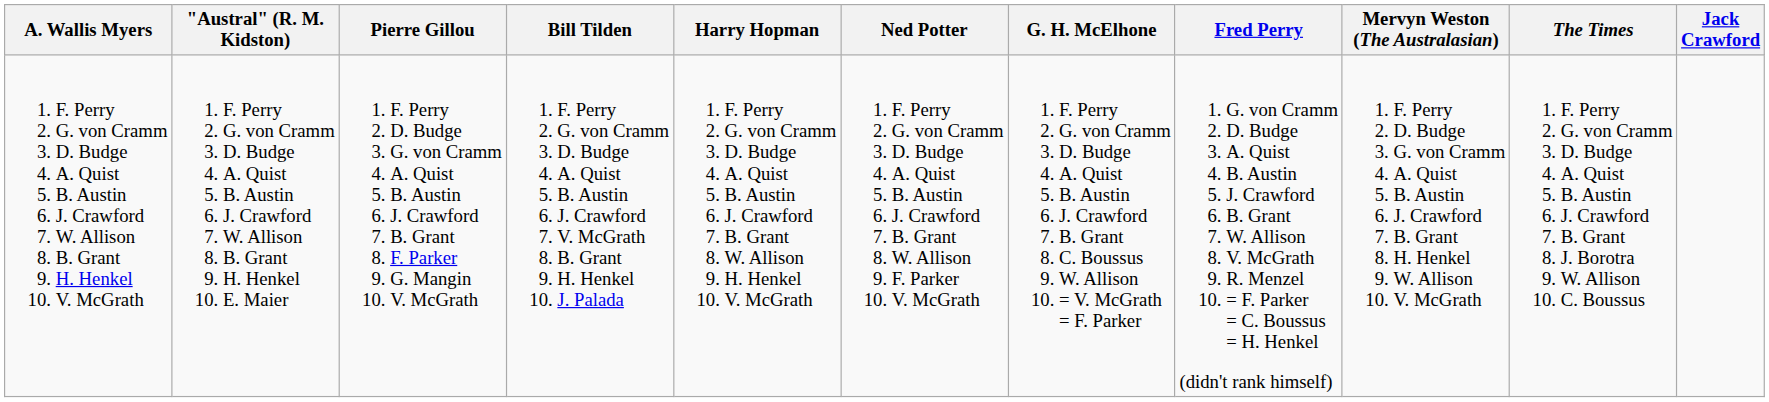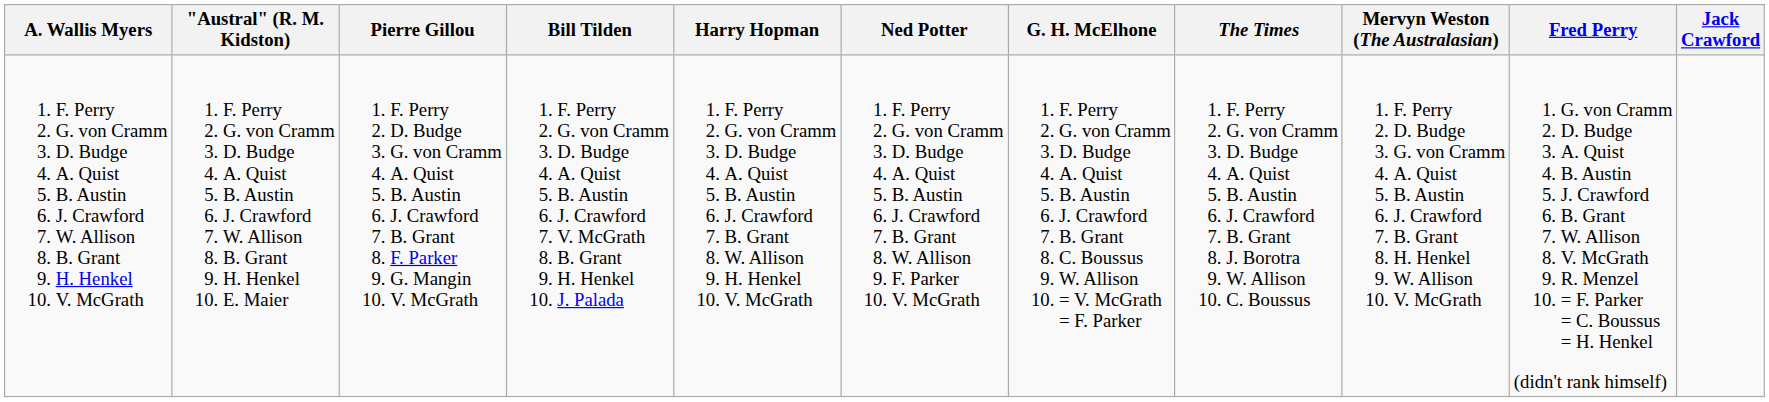 <table class="wikitable">
 <tr>
 <th>A. Wallis Myers</th>
 <th>"Austral" (R. M. Kidston)</th>
 <th>Pierre Gillou</th>
 <th>Bill Tilden</th>
 <th>Harry Hopman</th>
 <th>Ned Potter</th>
 <th>G. H. McElhone</th>
+<th><em>The Times</em></th>
+<th>Mervyn Weston<br>(<em>The Australasian</em>)</th>
 <th><a href='#'>Fred Perry</a></th>
-<th>Mervyn Weston<br>(<em>The Australasian</em>)</th>
-<th><em>The Times</em></th>
 <th><a href='#'>Jack Crawford</a><em></em></th>
 </tr>
 <tr style="vertical-align: top;">
 <td style="white-space: nowrap;"><br><ol><li> F. Perry</li><li> G. von Cramm</li><li> D. Budge</li><li> A. Quist</li><li> B. Austin</li><li> J. Crawford</li><li> W. Allison</li><li> B. Grant</li><li> <a href='#'>H. Henkel</a></li><li> V. McGrath</li></ol></td>
 <td style="white-space: nowrap;"><br><ol><li> F. Perry</li><li> G. von Cramm</li><li> D. Budge</li><li> A. Quist</li><li> B. Austin</li><li> J. Crawford</li><li> W. Allison</li><li> B. Grant</li><li> H. Henkel</li><li> E. Maier</li></ol></td>
 <td style="white-space: nowrap;"><br><ol><li> F. Perry</li><li> D. Budge</li><li> G. von Cramm</li><li> A. Quist</li><li> B. Austin</li><li> J. Crawford</li><li> B. Grant</li><li> <a href='#'>F. Parker</a></li><li> G. Mangin</li><li> V. McGrath</li></ol></td>
 <td style="white-space: nowrap;"><br><ol><li> F. Perry</li><li> G. von Cramm</li><li> D. Budge</li><li> A. Quist</li><li> B. Austin</li><li> J. Crawford</li><li> V. McGrath</li><li> B. Grant</li><li> H. Henkel</li><li> <a href='#'>J. Palada</a></li></ol></td>
 <td style="white-space: nowrap;"><br><ol><li> F. Perry</li><li> G. von Cramm</li><li> D. Budge</li><li> A. Quist</li><li> B. Austin</li><li> J. Crawford</li><li> B. Grant</li><li> W. Allison</li><li> H. Henkel</li><li> V. McGrath</li></ol></td>
 <td style="white-space: nowrap;"><br><ol><li> F. Perry</li><li> G. von Cramm</li><li> D. Budge</li><li> A. Quist</li><li> B. Austin</li><li> J. Crawford</li><li> B. Grant</li><li> W. Allison</li><li> F. Parker</li><li> V. McGrath</li></ol></td>
 <td style="white-space: nowrap;"><br><ol><li> F. Perry</li><li> G. von Cramm</li><li> D. Budge</li><li> A. Quist</li><li> B. Austin</li><li> J. Crawford</li><li> B. Grant</li><li> C. Boussus</li><li> W. Allison</li><li>= V. McGrath<br>= F. Parker</li></ol></td>
+<td style="white-space: nowrap;"><br><ol><li> F. Perry</li><li> G. von Cramm</li><li> D. Budge</li><li> A. Quist</li><li> B. Austin</li><li> J. Crawford</li><li> B. Grant</li><li> J. Borotra</li><li> W. Allison</li><li> C. Boussus</li></ol></td>
+<td style="white-space: nowrap;"><br><ol><li> F. Perry</li><li> D. Budge</li><li> G. von Cramm</li><li> A. Quist</li><li> B. Austin</li><li> J. Crawford</li><li> B. Grant</li><li> H. Henkel</li><li> W. Allison</li><li> V. McGrath</li></ol></td>
 <td style="white-space: nowrap;"><br><ol><li> G. von Cramm</li><li> D. Budge</li><li> A. Quist</li><li> B. Austin</li><li> J. Crawford</li><li> B. Grant</li><li> W. Allison</li><li> V. McGrath</li><li> R. Menzel</li><li>= F. Parker<br>= C. Boussus<br>= H. Henkel</li></ol>(didn't rank himself)</td>
-<td style="white-space: nowrap;"><br><ol><li> F. Perry</li><li> D. Budge</li><li> G. von Cramm</li><li> A. Quist</li><li> B. Austin</li><li> J. Crawford</li><li> B. Grant</li><li> H. Henkel</li><li> W. Allison</li><li> V. McGrath</li></ol></td>
-<td style="white-space: nowrap;"><br><ol><li> F. Perry</li><li> G. von Cramm</li><li> D. Budge</li><li> A. Quist</li><li> B. Austin</li><li> J. Crawford</li><li> B. Grant</li><li> J. Borotra</li><li> W. Allison</li><li> C. Boussus</li></ol></td>
 <td style="white-space: nowrap;"><br></td>
 </tr>
 </table>
